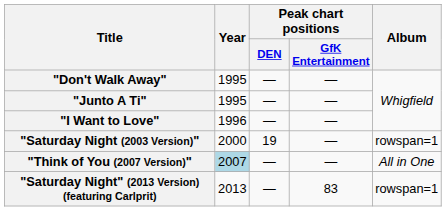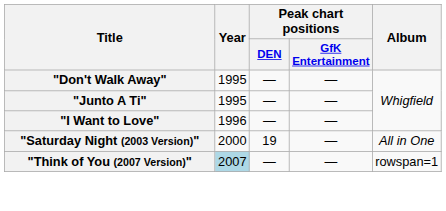 <table class="wikitable plainrowheaders" style="text-align:center;">
 <tr>
 <th scope="col" rowspan=2 style="width:16em;">Title</th>
 <th scope="col" rowspan=2>Year</th>
 <th scope="col" colspan=2>Peak chart positions</th>
 <th scope="col" rowspan=2>Album</th>
 </tr>
 <tr>
 <th style="width:3em;font-size:90%"><a href='#'>DEN</a><br></th>
 <th style="width:3em;font-size:90%"><a href='#'>GfK Entertainment</a><br></th>
 </tr>
 <tr>
 <th scope="row">"Don't Walk Away" </th>
 <td>1995</td>
 <td>—</td>
 <td>—</td>
 <td rowspan=3><em>Whigfield</em></td>
 </tr>
 <tr>
 <th scope="row">"Junto A Ti" </th>
 <td>1995</td>
 <td>—</td>
 <td>—</td>
 </tr>
 <tr>
 <th scope="row">"I Want to Love" </th>
 <td>1996</td>
 <td>—</td>
 <td>—</td>
 </tr>
 <tr>
 <th scope="row">"Saturday Night <small>(2003 Version)</small>"</th>
 <td>2000</td>
 <td>19</td>
 <td>—</td>
-<td>rowspan=1 </td>
+<td><em>All in One</em></td>
 </tr>
 <tr>
 <th scope="row">"Think of You <small>(2007 Version)</small>"</th>
 <td style="background: lightblue;">2007</td>
 <td>—</td>
 <td>—</td>
-<td><em>All in One</em></td>
-</tr>
-<tr>
-<th scope="row">"Saturday Night" <small>(2013 Version) (featuring Carlprit)</small></th>
-<td>2013</td>
-<td>—</td>
-<td>83</td>
 <td>rowspan=1 </td>
 </tr>
 </table>
